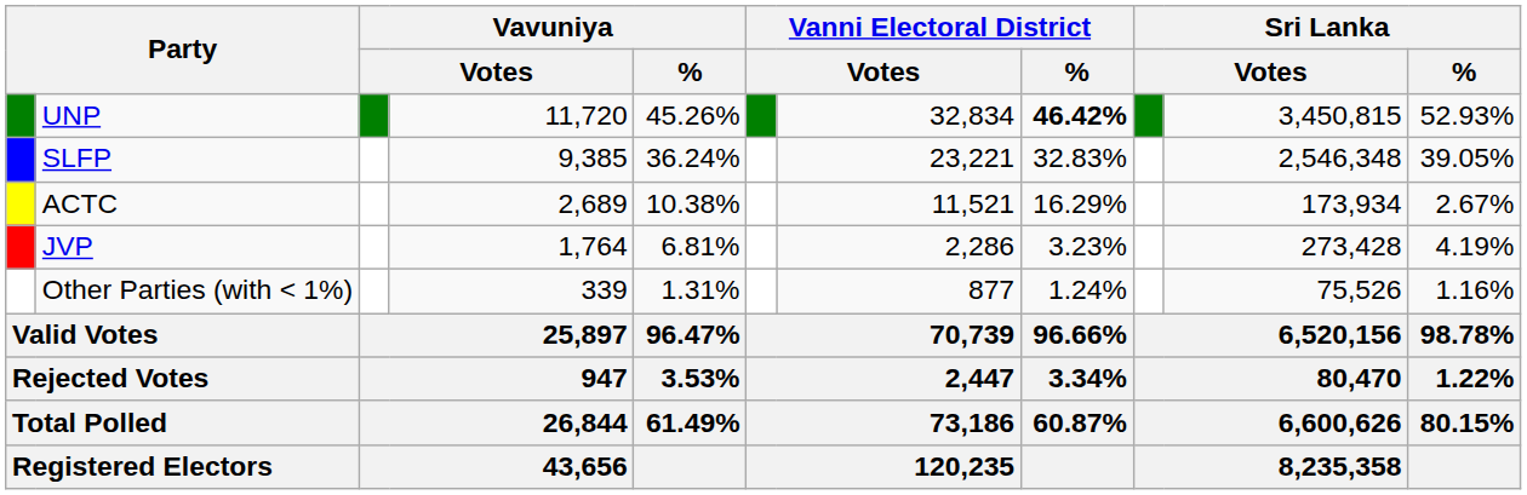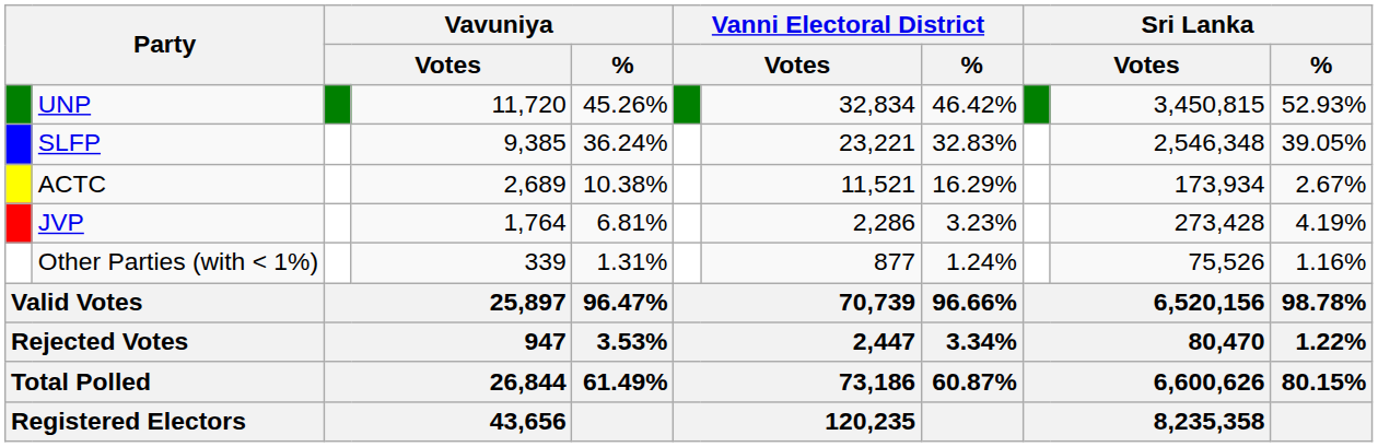 <table class="wikitable">
 <tr>
 <th colspan="2" width="144px"rowspan="2">Party</th>
 <th colspan="3" width="216px">Vavuniya</th>
 <th colspan="3" width="216px"><a href='#'>Vanni Electoral District</a></th>
 <th colspan="3" width="216px">Sri Lanka</th>
 </tr>
 <tr>
 <th colspan="2" width="144px">Votes</th>
 <th>%</th>
 <th colspan="2" width="144px">Votes</th>
 <th>%</th>
 <th colspan="2" width="144px">Votes</th>
 <th>%</th>
 </tr>
 <tr>
 <td style="background-color:green;" width="10px"></td>
 <td style="text-align:left;"><a href='#'>UNP</a></td>
 <td style="background-color:green;" width="10px"></td>
 <td style="text-align:right;">11,720</td>
 <td style="text-align:right;">45.26%</td>
 <td style="background-color:green;" width="10px"></td>
 <td style="text-align:right;">32,834</td>
-<td style="text-align:right;"><strong>46.42%</strong></td>
+<td style="text-align:right;">46.42%</td>
 <td style="background-color:green;" width="10px"></td>
 <td style="text-align:right;">3,450,815</td>
 <td style="text-align:right;">52.93%</td>
 </tr>
 <tr>
 <td style="background-color:blue;" width="10px"></td>
 <td style="text-align:left;"><a href='#'>SLFP</a></td>
 <td style="background-color:white;" width="10px"></td>
 <td style="text-align:right;">9,385</td>
 <td style="text-align:right;">36.24%</td>
 <td style="background-color:white;" width="10px"></td>
 <td style="text-align:right;">23,221</td>
 <td style="text-align:right;">32.83%</td>
 <td style="background-color:white;" width="10px"></td>
 <td style="text-align:right;">2,546,348</td>
 <td style="text-align:right;">39.05%</td>
 </tr>
 <tr>
 <td style="background-color:yellow;" width="10px"></td>
 <td style="text-align:left;">ACTC</td>
 <td style="background-color:white;" width="10px"></td>
 <td style="text-align:right;">2,689</td>
 <td style="text-align:right;">10.38%</td>
 <td style="background-color:white;" width="10px"></td>
 <td style="text-align:right;">11,521</td>
 <td style="text-align:right;">16.29%</td>
 <td style="background-color:white;" width="10px"></td>
 <td style="text-align:right;">173,934</td>
 <td style="text-align:right;">2.67%</td>
 </tr>
 <tr>
 <td style="background-color:red;" width="10px"></td>
 <td style="text-align:left;"><a href='#'>JVP</a></td>
 <td style="background-color:white;" width="10px"></td>
 <td style="text-align:right;">1,764</td>
 <td style="text-align:right;">6.81%</td>
 <td style="background-color:white;" width="10px"></td>
 <td style="text-align:right;">2,286</td>
 <td style="text-align:right;">3.23%</td>
 <td style="background-color:white;" width="10px"></td>
 <td style="text-align:right;">273,428</td>
 <td style="text-align:right;">4.19%</td>
 </tr>
 <tr>
 <td style="background-color:white;" width="10px"></td>
 <td style="text-align:left;">Other Parties (with < 1%)</td>
 <td style="background-color:white;" width="10px"></td>
 <td style="text-align:right;">339</td>
 <td style="text-align:right;">1.31%</td>
 <td style="background-color:white;" width="10px"></td>
 <td style="text-align:right;">877</td>
 <td style="text-align:right;">1.24%</td>
 <td style="background-color:white;" width="10px"></td>
 <td style="text-align:right;">75,526</td>
 <td style="text-align:right;">1.16%</td>
 </tr>
 <tr>
 <th colspan="2" width="144px"style="text-align:left;">Valid Votes</th>
 <th style="text-align:right;"colspan="2" width="144px">25,897</th>
 <th style="text-align:right;">96.47%</th>
 <th style="text-align:right;"colspan="2" width="144px">70,739</th>
 <th style="text-align:right;">96.66%</th>
 <th style="text-align:right;"colspan="2" width="144px">6,520,156</th>
 <th style="text-align:right;">98.78%</th>
 </tr>
 <tr>
 <th colspan="2" width="144px"style="text-align:left;">Rejected Votes</th>
 <th style="text-align:right;"colspan="2" width="144px">947</th>
 <th style="text-align:right;">3.53%</th>
 <th style="text-align:right;"colspan="2" width="144px">2,447</th>
 <th style="text-align:right;">3.34%</th>
 <th style="text-align:right;"colspan="2" width="144px">80,470</th>
 <th style="text-align:right;">1.22%</th>
 </tr>
 <tr>
 <th colspan="2" width="144px"style="text-align:left;">Total Polled</th>
 <th style="text-align:right;"colspan="2" width="144px">26,844</th>
 <th style="text-align:right;">61.49%</th>
 <th style="text-align:right;"colspan="2" width="144px">73,186</th>
 <th style="text-align:right;">60.87%</th>
 <th style="text-align:right;"colspan="2" width="144px">6,600,626</th>
 <th style="text-align:right;">80.15%</th>
 </tr>
 <tr>
 <th colspan="2" width="144px"style="text-align:left;">Registered Electors</th>
 <th style="text-align:right;"colspan="2" width="144px">43,656</th>
 <th></th>
 <th style="text-align:right;"colspan="2" width="144px">120,235</th>
 <th></th>
 <th style="text-align:right;"colspan="2" width="144px">8,235,358</th>
 <th></th>
 </tr>
 </table>
